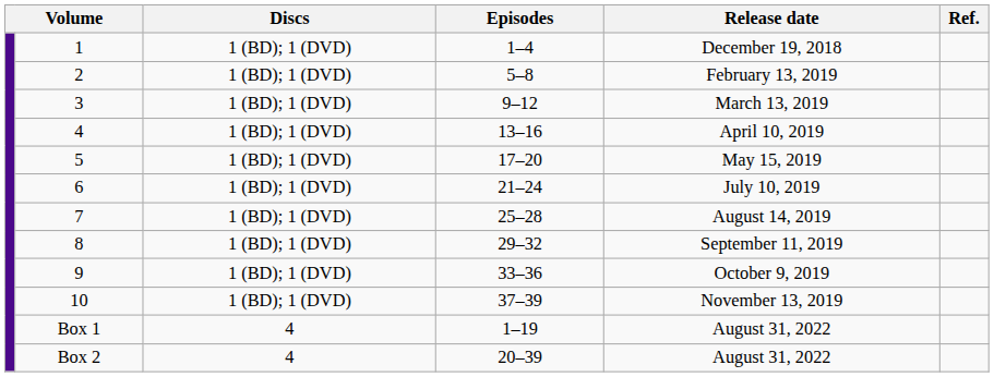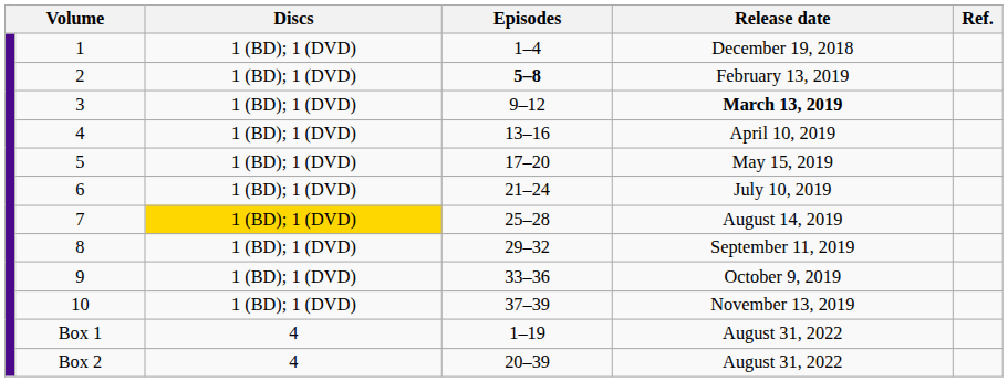 <table class="wikitable" style="text-align: center; width: 70%;">
 <tr>
 <th colspan="2">Volume</th>
 <th>Discs</th>
 <th>Episodes</th>
 <th>Release date</th>
 <th width="5%">Ref.</th>
 </tr>
 <tr>
 <td rowspan="12" width="1%" style="background: #4B088A;"></td>
 <td>1</td>
 <td>1 (BD); 1 (DVD)</td>
 <td>1–4</td>
 <td>December 19, 2018</td>
 <td></td>
 </tr>
 <tr>
 <td>2</td>
 <td>1 (BD); 1 (DVD)</td>
-<td>5–8</td>
+<td><strong>5–8</strong></td>
 <td>February 13, 2019</td>
 <td></td>
 </tr>
 <tr>
 <td>3</td>
 <td>1 (BD); 1 (DVD)</td>
 <td>9–12</td>
-<td>March 13, 2019</td>
+<td><strong>March 13, 2019</strong></td>
 <td></td>
 </tr>
 <tr>
 <td>4</td>
 <td>1 (BD); 1 (DVD)</td>
 <td>13–16</td>
 <td>April 10, 2019</td>
 <td></td>
 </tr>
 <tr>
 <td>5</td>
 <td>1 (BD); 1 (DVD)</td>
 <td>17–20</td>
 <td>May 15, 2019</td>
 <td></td>
 </tr>
 <tr>
 <td>6</td>
 <td>1 (BD); 1 (DVD)</td>
 <td>21–24</td>
 <td>July 10, 2019</td>
 <td></td>
 </tr>
 <tr>
 <td>7</td>
-<td>1 (BD); 1 (DVD)</td>
+<td style="background: gold;">1 (BD); 1 (DVD)</td>
 <td>25–28</td>
 <td>August 14, 2019</td>
 <td></td>
 </tr>
 <tr>
 <td>8</td>
 <td>1 (BD); 1 (DVD)</td>
 <td>29–32</td>
 <td>September 11, 2019</td>
 <td></td>
 </tr>
 <tr>
 <td>9</td>
 <td>1 (BD); 1 (DVD)</td>
 <td>33–36</td>
 <td>October 9, 2019</td>
 <td></td>
 </tr>
 <tr>
 <td>10</td>
 <td>1 (BD); 1 (DVD)</td>
 <td>37–39</td>
 <td>November 13, 2019</td>
 <td></td>
 </tr>
 <tr>
 <td>Box 1</td>
 <td>4</td>
 <td>1–19</td>
 <td>August 31, 2022</td>
 <td></td>
 </tr>
 <tr>
 <td>Box 2</td>
 <td>4</td>
 <td>20–39</td>
 <td>August 31, 2022</td>
 <td></td>
 </tr>
 </table>
